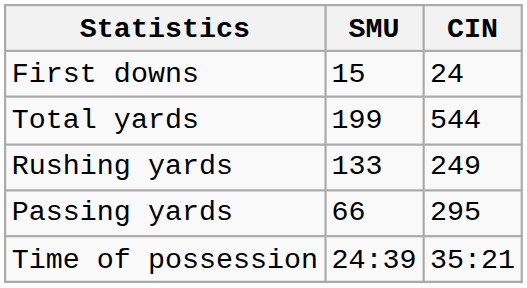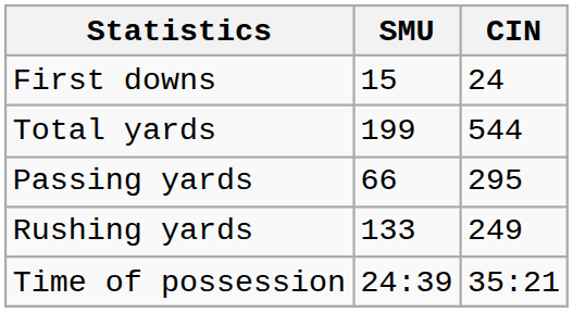 <table class="wikitable">
 <tr>
 <th>Statistics</th>
 <th>SMU</th>
 <th>CIN</th>
 </tr>
 <tr>
 <td>First downs</td>
 <td>15</td>
 <td>24</td>
 </tr>
 <tr>
 <td>Total yards</td>
 <td>199</td>
 <td>544</td>
 </tr>
 <tr>
+<td>Passing yards</td>
+<td>66</td>
+<td>295</td>
+</tr>
+<tr>
 <td>Rushing yards</td>
 <td>133</td>
 <td>249</td>
-</tr>
-<tr>
-<td>Passing yards</td>
-<td>66</td>
-<td>295</td>
 </tr>
 <tr>
 <td>Time of possession</td>
 <td>24:39</td>
 <td>35:21</td>
 </tr>
 <tr>
 </tr>
 </table>
